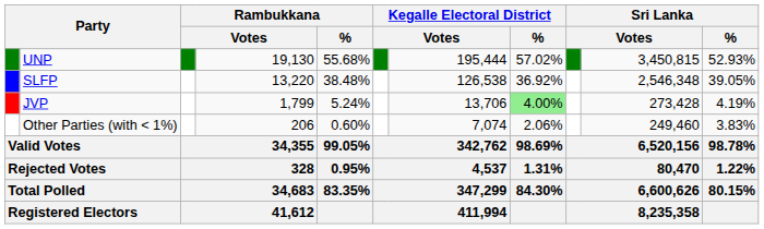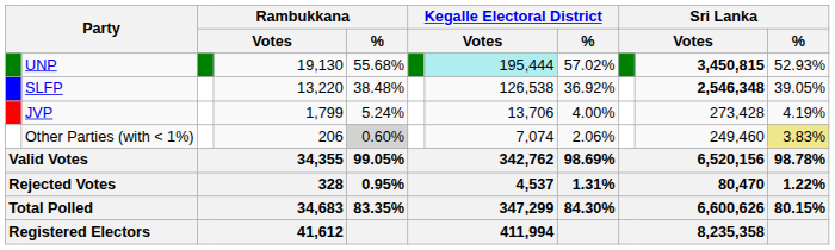 <table class="wikitable">
 <tr>
 <th colspan="2" width="144px"rowspan="2">Party</th>
 <th colspan="3" width="216px">Rambukkana</th>
 <th colspan="3" width="216px"><a href='#'>Kegalle Electoral District</a></th>
 <th colspan="3" width="216px">Sri Lanka</th>
 </tr>
 <tr>
 <th colspan="2" width="144px">Votes</th>
 <th>%</th>
 <th colspan="2" width="144px">Votes</th>
 <th>%</th>
 <th colspan="2" width="144px">Votes</th>
 <th>%</th>
 </tr>
 <tr>
 <td style="background-color:green;" width="10px"></td>
 <td style="text-align:left;"><a href='#'>UNP</a></td>
 <td style="background-color:green;" width="10px"></td>
 <td style="text-align:right;">19,130</td>
 <td style="text-align:right;">55.68%</td>
 <td style="background-color:green;" width="10px"></td>
-<td style="text-align:right;">195,444</td>
+<td style="background: paleturquoise; text-align:right;">195,444</td>
 <td style="text-align:right;">57.02%</td>
 <td style="background-color:green;" width="10px"></td>
-<td style="text-align:right;">3,450,815</td>
+<td style="text-align:right;"><strong>3,450,815</strong></td>
 <td style="text-align:right;">52.93%</td>
 </tr>
 <tr>
 <td style="background-color:blue;" width="10px"></td>
 <td style="text-align:left;"><a href='#'>SLFP</a></td>
 <td style="background-color:white;" width="10px"></td>
 <td style="text-align:right;">13,220</td>
 <td style="text-align:right;">38.48%</td>
 <td style="background-color:white;" width="10px"></td>
 <td style="text-align:right;">126,538</td>
 <td style="text-align:right;">36.92%</td>
 <td style="background-color:white;" width="10px"></td>
-<td style="text-align:right;">2,546,348</td>
+<td style="text-align:right;"><strong>2,546,348</strong></td>
 <td style="text-align:right;">39.05%</td>
 </tr>
 <tr>
 <td style="background-color:red;" width="10px"></td>
 <td style="text-align:left;"><a href='#'>JVP</a></td>
 <td style="background-color:white;" width="10px"></td>
 <td style="text-align:right;">1,799</td>
 <td style="text-align:right;">5.24%</td>
 <td style="background-color:white;" width="10px"></td>
 <td style="text-align:right;">13,706</td>
-<td style="background: lightgreen; text-align:right;">4.00%</td>
+<td style="text-align:right;">4.00%</td>
 <td style="background-color:white;" width="10px"></td>
 <td style="text-align:right;">273,428</td>
 <td style="text-align:right;">4.19%</td>
 </tr>
 <tr>
 <td style="background-color:white;" width="10px"></td>
 <td style="text-align:left;">Other Parties (with < 1%)</td>
 <td style="background-color:white;" width="10px"></td>
 <td style="text-align:right;">206</td>
-<td style="text-align:right;">0.60%</td>
+<td style="background: lightgrey; text-align:right;">0.60%</td>
 <td style="background-color:white;" width="10px"></td>
 <td style="text-align:right;">7,074</td>
 <td style="text-align:right;">2.06%</td>
 <td style="background-color:white;" width="10px"></td>
 <td style="text-align:right;">249,460</td>
-<td style="text-align:right;">3.83%</td>
+<td style="background: khaki; text-align:right;">3.83%</td>
 </tr>
 <tr>
 <th colspan="2" width="144px"style="text-align:left;">Valid Votes</th>
 <th style="text-align:right;"colspan="2" width="144px">34,355</th>
 <th style="text-align:right;">99.05%</th>
 <th style="text-align:right;"colspan="2" width="144px">342,762</th>
 <th style="text-align:right;">98.69%</th>
 <th style="text-align:right;"colspan="2" width="144px">6,520,156</th>
 <th style="text-align:right;">98.78%</th>
 </tr>
 <tr>
 <th colspan="2" width="144px"style="text-align:left;">Rejected Votes</th>
 <th style="text-align:right;"colspan="2" width="144px">328</th>
 <th style="text-align:right;">0.95%</th>
 <th style="text-align:right;"colspan="2" width="144px">4,537</th>
 <th style="text-align:right;">1.31%</th>
 <th style="text-align:right;"colspan="2" width="144px">80,470</th>
 <th style="text-align:right;">1.22%</th>
 </tr>
 <tr>
 <th colspan="2" width="144px"style="text-align:left;">Total Polled</th>
 <th style="text-align:right;"colspan="2" width="144px">34,683</th>
 <th style="text-align:right;">83.35%</th>
 <th style="text-align:right;"colspan="2" width="144px">347,299</th>
 <th style="text-align:right;">84.30%</th>
 <th style="text-align:right;"colspan="2" width="144px">6,600,626</th>
 <th style="text-align:right;">80.15%</th>
 </tr>
 <tr>
 <th colspan="2" width="144px"style="text-align:left;">Registered Electors</th>
 <th style="text-align:right;"colspan="2" width="144px">41,612</th>
 <th></th>
 <th style="text-align:right;"colspan="2" width="144px">411,994</th>
 <th></th>
 <th style="text-align:right;"colspan="2" width="144px">8,235,358</th>
 <th></th>
 </tr>
 </table>
